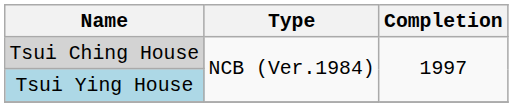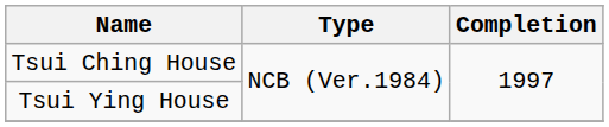 <table class="wikitable" style="text-align: center">
 <tr>
 <th>Name</th>
 <th>Type</th>
 <th>Completion</th>
 </tr>
 <tr>
-<td style="background: lightgrey;">Tsui Ching House</td>
+<td>Tsui Ching House</td>
 <td rowspan="2">NCB (Ver.1984)</td>
 <td rowspan="2">1997</td>
 </tr>
 <tr>
-<td style="background: lightblue;">Tsui Ying House</td>
+<td>Tsui Ying House</td>
 </tr>
 <tr>
 </tr>
 </table>
